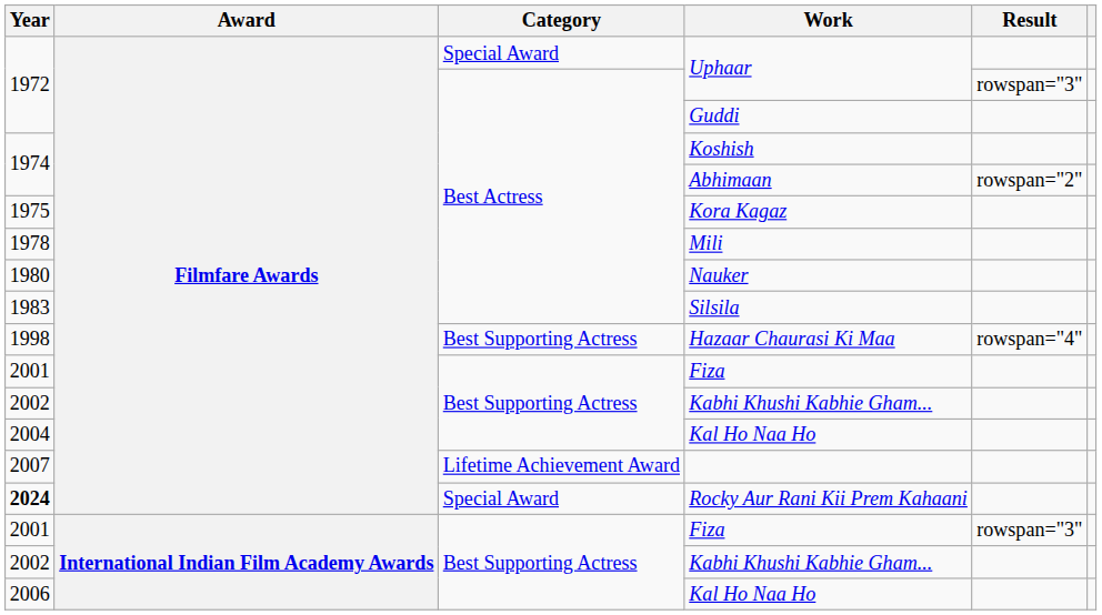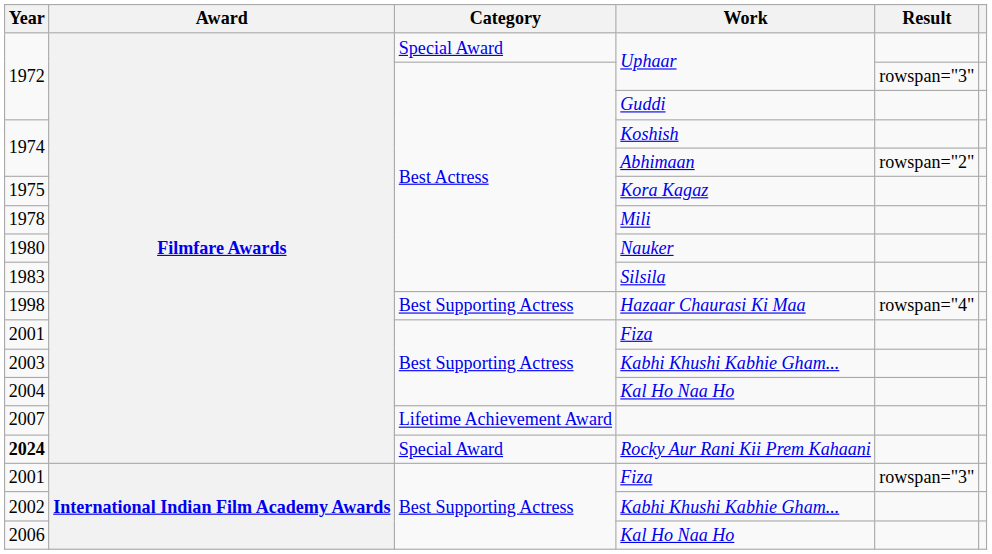 <table class="wikitable sortable plainrowheaders">
 <tr>
 <th scope="col">Year</th>
 <th scope="col">Award</th>
 <th scope="col">Category</th>
 <th scope="col">Work</th>
 <th scope="col">Result</th>
 <th scope="col" class="unsortable"></th>
 </tr>
 <tr>
 <td rowspan="3">1972</td>
 <th scope="row" rowspan="15"><a href='#'>Filmfare Awards</a></th>
 <td><a href='#'>Special Award</a></td>
 <td rowspan="2"><em><a href='#'>Uphaar</a></em></td>
 <td></td>
 <td style="text-align: center;"></td>
 </tr>
 <tr>
 <td rowspan="8"><a href='#'>Best Actress</a></td>
 <td>rowspan="3" </td>
 <td style="text-align: center;"></td>
 </tr>
 <tr>
 <td><em><a href='#'>Guddi</a></em></td>
 <td></td>
 <td style="text-align: center;"></td>
 </tr>
 <tr>
 <td rowspan="2">1974</td>
 <td><em><a href='#'>Koshish</a></em></td>
 <td></td>
 <td style="text-align: center;"></td>
 </tr>
 <tr>
 <td><em><a href='#'>Abhimaan</a></em></td>
 <td>rowspan="2"</td>
 <td style="text-align: center;"></td>
 </tr>
 <tr>
 <td>1975</td>
 <td><em><a href='#'>Kora Kagaz</a></em></td>
 <td></td>
 <td style="text-align: center;"></td>
 </tr>
 <tr>
 <td>1978</td>
 <td><em><a href='#'>Mili</a></em></td>
 <td></td>
 <td style="text-align: center;"></td>
 </tr>
 <tr>
 <td>1980</td>
 <td><em><a href='#'>Nauker</a></em></td>
 <td></td>
 <td style="text-align: center;"></td>
 </tr>
 <tr>
 <td>1983</td>
 <td><em><a href='#'>Silsila</a></em></td>
 <td></td>
 <td style="text-align: center;"></td>
 </tr>
 <tr>
 <td>1998</td>
 <td><a href='#'>Best Supporting Actress</a></td>
 <td><em><a href='#'>Hazaar Chaurasi Ki Maa</a></em></td>
 <td>rowspan="4"</td>
 <td style="text-align: center;"></td>
 </tr>
 <tr>
 <td>2001</td>
 <td rowspan="3"><a href='#'>Best Supporting Actress</a></td>
 <td><em><a href='#'>Fiza</a></em></td>
 <td></td>
 <td style="text-align: center;"></td>
 </tr>
 <tr>
-<td>2002</td>
+<td>2003</td>
 <td><em><a href='#'>Kabhi Khushi Kabhie Gham...</a></em></td>
 <td></td>
 <td style="text-align: center;"></td>
 </tr>
 <tr>
 <td>2004</td>
 <td><em><a href='#'>Kal Ho Naa Ho</a></em></td>
 <td></td>
 <td style="text-align: center;"></td>
 </tr>
 <tr>
 <td>2007</td>
 <td><a href='#'>Lifetime Achievement Award</a></td>
 <td></td>
 <td></td>
 <td style="text-align: center;"></td>
 </tr>
 <tr>
 <td><strong>2024</strong></td>
 <td><a href='#'>Special Award</a></td>
 <td><em><a href='#'>Rocky Aur Rani Kii Prem Kahaani</a></em></td>
 <td></td>
 <td style="text-align: center;"></td>
 </tr>
 <tr>
 <td>2001</td>
 <th scope="row" rowspan="3"><a href='#'>International Indian Film Academy Awards</a></th>
 <td rowspan="3"><a href='#'>Best Supporting Actress</a></td>
 <td><em><a href='#'>Fiza</a></em></td>
 <td>rowspan="3"</td>
 <td style="text-align: center;"></td>
 </tr>
 <tr>
 <td>2002</td>
 <td><em><a href='#'>Kabhi Khushi Kabhie Gham...</a></em></td>
 <td></td>
 <td style="text-align: center;"></td>
 </tr>
 <tr>
 <td>2006</td>
 <td><em><a href='#'>Kal Ho Naa Ho</a></em></td>
 <td></td>
 <td style="text-align: center;"></td>
 </tr>
 </table>
